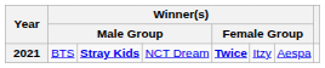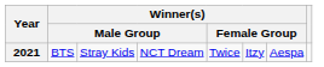 <table class="wikitable plainrowheaders" style="text-align: center">
 <tr>
 <th scope="col" rowspan="2" width="50">Year</th>
 <th colspan="6" width="200">Winner(s)</th>
 <th scope="col" rowspan="2"></th>
 </tr>
 <tr>
 <th colspan="3">Male Group</th>
 <th colspan="3">Female Group</th>
 </tr>
 <tr>
 <th scope="row" style="text-align:center;">2021</th>
 <td><a href='#'>BTS</a></td>
-<td><strong><a href='#'>Stray Kids</a></strong></td>
+<td><a href='#'>Stray Kids</a></td>
 <td><a href='#'>NCT Dream</a></td>
-<td><strong><a href='#'>Twice</a></strong></td>
+<td><a href='#'>Twice</a></td>
 <td><a href='#'>Itzy</a></td>
 <td><a href='#'>Aespa</a></td>
 <td></td>
 </tr>
 </table>
